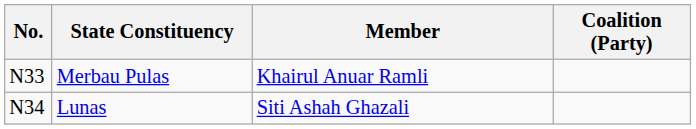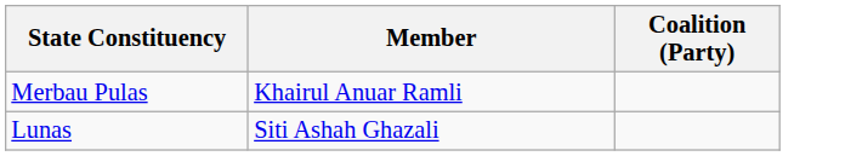 <table class="wikitable">
 <tr>
-<th width="30">No.</th>
 <th width="150">State Constituency</th>
 <th width="230">Member</th>
 <th width="100">Coalition (Party)</th>
 </tr>
 <tr>
-<td>N33</td>
 <td><a href='#'>Merbau Pulas</a></td>
 <td><a href='#'>Khairul Anuar Ramli</a></td>
 <td></td>
 </tr>
 <tr>
-<td>N34</td>
 <td><a href='#'>Lunas</a></td>
 <td><a href='#'>Siti Ashah Ghazali</a></td>
 <td></td>
 </tr>
 </table>
